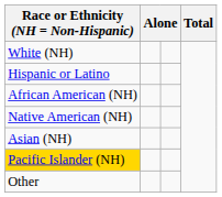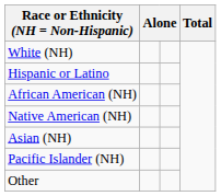 <table class="wikitable sortable collapsible"; text-align:right; font-size:80%;>
 <tr>
 <th>Race or Ethnicity<br> <em>(NH = Non-Hispanic)</em></th>
 <th colspan="2" data-sort-type=number>Alone</th>
 <th colspan="2" data-sort-type=number>Total</th>
 </tr>
 <tr>
 <td><a href='#'>White</a> (NH)</td>
 <td aline=right></td>
 <td aline=right></td>
 </tr>
 <tr>
 <td><a href='#'>Hispanic or Latino</a></td>
 <td aline=right></td>
 <td aline=right></td>
 </tr>
 <tr>
 <td><a href='#'>African American</a> (NH)</td>
 <td aline=right></td>
 <td aline=right></td>
 </tr>
 <tr>
 <td><a href='#'>Native American</a> (NH)</td>
 <td aline=right></td>
 <td aline=right></td>
 </tr>
 <tr>
 <td><a href='#'>Asian</a> (NH)</td>
 <td aline=right></td>
 <td aline=right></td>
 </tr>
 <tr>
-<td style="background: gold;"><a href='#'>Pacific Islander</a> (NH)</td>
+<td><a href='#'>Pacific Islander</a> (NH)</td>
 <td aline=right></td>
 <td aline=right></td>
 </tr>
 <tr>
 <td>Other</td>
 <td aline=right></td>
 <td aline=right></td>
 </tr>
 </table>
